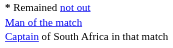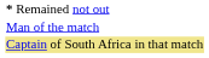 <table>
 <tr>
 <td><strong>*</strong>  Remained <a href='#'>not out</a></td>
 </tr>
 <tr>
 <td><strong></strong>  <a href='#'>Man of the match</a></td>
 </tr>
 <tr>
-<td><strong></strong>  <a href='#'>Captain</a> of South Africa in that match</td>
+<td style="background: khaki;"><strong></strong>  <a href='#'>Captain</a> of South Africa in that match</td>
 </tr>
 </table>
